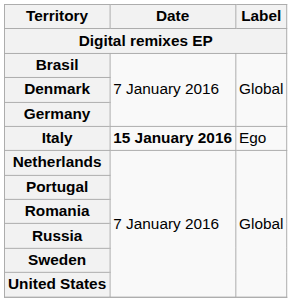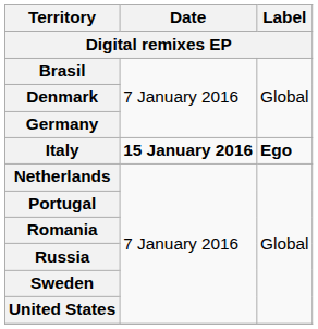 <table class="wikitable unsortable plainrowheaders">
 <tr>
 <th scope="col">Territory</th>
 <th scope="col">Date</th>
 <th scope="col">Label</th>
 </tr>
 <tr>
 <th scope="col" colspan="5">Digital remixes EP</th>
 </tr>
 <tr>
 <th scope="row">Brasil</th>
 <td rowspan="3">7 January 2016</td>
 <td rowspan="3">Global</td>
 </tr>
 <tr>
 <th scope="row">Denmark</th>
 </tr>
 <tr>
 <th scope="row">Germany</th>
 </tr>
 <tr>
 <th scope="row">Italy</th>
 <td rowspan="1"><strong>15 January 2016</strong></td>
-<td rowspan="1">Ego</td>
+<td rowspan="1"><strong>Ego</strong></td>
 </tr>
 <tr>
 <th scope="row">Netherlands</th>
 <td rowspan="6">7 January 2016</td>
 <td rowspan="6">Global</td>
 </tr>
 <tr>
 <th scope="row">Portugal</th>
 </tr>
 <tr>
 <th scope="row">Romania</th>
 </tr>
 <tr>
 <th scope="row">Russia</th>
 </tr>
 <tr>
 <th scope="row">Sweden</th>
 </tr>
 <tr>
 <th scope="row">United States</th>
 </tr>
 <tr>
 </tr>
 </table>
